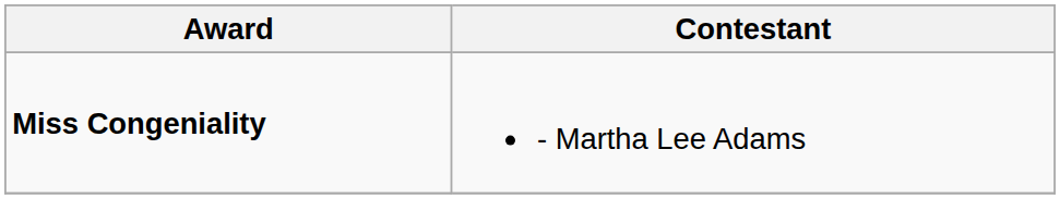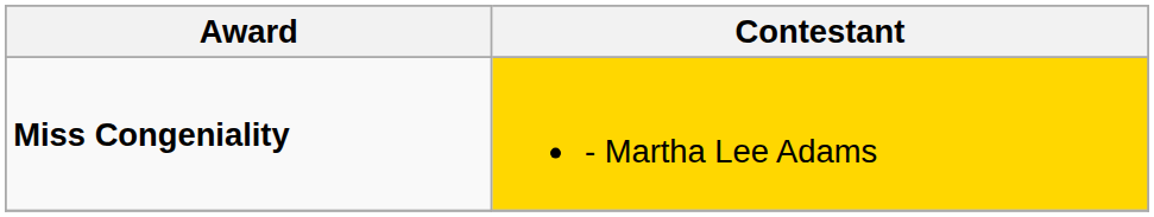 <table class="wikitable sortable" style="font-size:95%;">
 <tr>
 <th width="220">Award</th>
 <th width="300">Contestant</th>
 </tr>
 <tr>
 <td><strong>Miss Congeniality</strong></td>
-<td><br><ul><li><strong></strong> - Martha Lee Adams</li></ul></td>
+<td style="background: gold;"><br><ul><li><strong></strong> - Martha Lee Adams</li></ul></td>
 </tr>
 <tr>
 </tr>
 </table>
